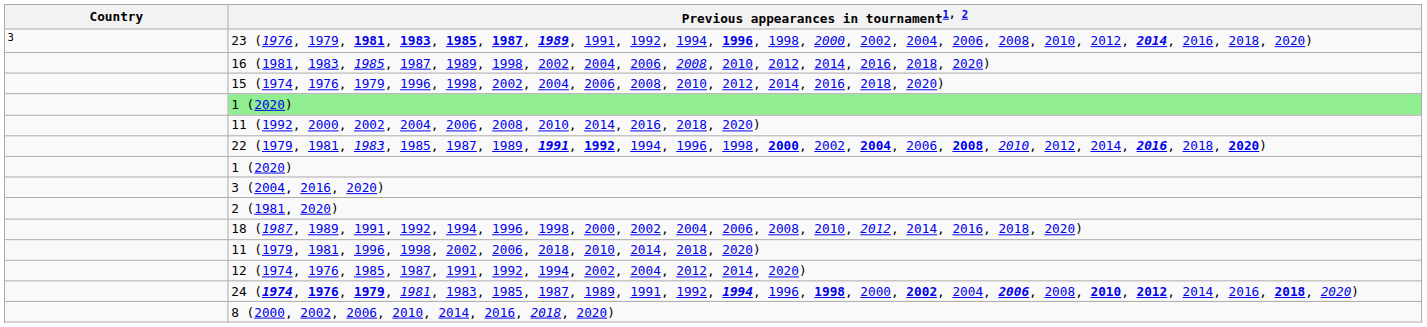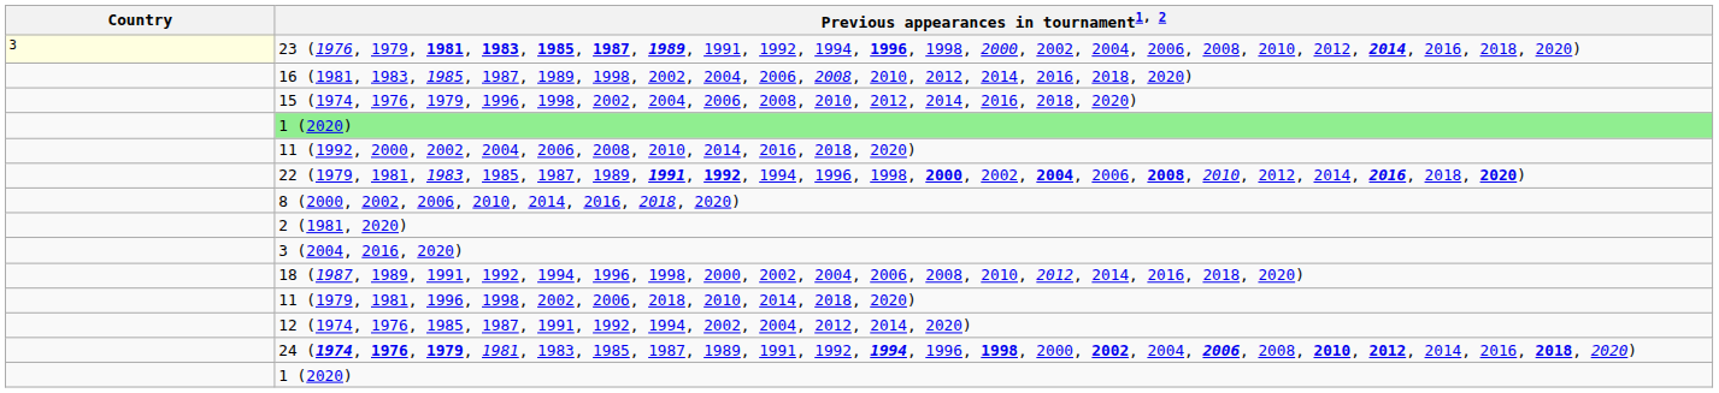 <table class="wikitable sortable">
 <tr>
 <th width=15%>Country</th>
 <th width=80%>Previous appearances in tournament<sup><strong><a href='#'>1</a>, <a href='#'>2</a></strong></sup></th>
 </tr>
 <tr>
-<td><sup>3</sup></td>
+<td style="background: lightyellow;"><sup>3</sup></td>
 <td>23 (<a href='#'><em>1976</em></a>, <a href='#'>1979</a>, <a href='#'><strong>1981</strong></a>, <a href='#'><strong>1983</strong></a>, <a href='#'><strong>1985</strong></a>, <a href='#'><strong>1987</strong></a>, <a href='#'><strong><em>1989</em></strong></a>, <a href='#'>1991</a>, <a href='#'>1992</a>, <a href='#'>1994</a>, <a href='#'><strong>1996</strong></a>, <a href='#'>1998</a>, <a href='#'><em>2000</em></a>, <a href='#'>2002</a>, <a href='#'>2004</a>, <a href='#'>2006</a>, <a href='#'>2008</a>, <a href='#'>2010</a>, <a href='#'>2012</a>, <a href='#'><strong><em>2014</em></strong></a>, <a href='#'>2016</a>, <a href='#'>2018</a>, <a href='#'>2020</a>)</td>
 </tr>
 <tr>
 <td></td>
 <td>16 (<a href='#'>1981</a>, <a href='#'>1983</a>, <em><a href='#'>1985</a></em>, <a href='#'>1987</a>, <a href='#'>1989</a>, <a href='#'>1998</a>, <a href='#'>2002</a>, <a href='#'>2004</a>, <a href='#'>2006</a>, <em><a href='#'>2008</a></em>, <a href='#'>2010</a>, <a href='#'>2012</a>, <a href='#'>2014</a>, <a href='#'>2016</a>, <a href='#'>2018</a>, <a href='#'>2020</a>)</td>
 </tr>
 <tr>
 <td></td>
 <td>15 (<a href='#'>1974</a>, <a href='#'>1976</a>, <a href='#'>1979</a>, <a href='#'>1996</a>, <a href='#'>1998</a>, <a href='#'>2002</a>, <a href='#'>2004</a>, <a href='#'>2006</a>, <a href='#'>2008</a>, <a href='#'>2010</a>, <a href='#'>2012</a>, <a href='#'>2014</a>, <a href='#'>2016</a>, <a href='#'>2018</a>, <a href='#'>2020</a>)</td>
 </tr>
 <tr>
 <td></td>
 <td style="background: lightgreen;">1 (<a href='#'>2020</a>)</td>
 </tr>
 <tr>
 <td></td>
 <td>11 (<a href='#'>1992</a>, <a href='#'>2000</a>, <a href='#'>2002</a>, <a href='#'>2004</a>, <a href='#'>2006</a>, <a href='#'>2008</a>, <a href='#'>2010</a>, <a href='#'>2014</a>, <a href='#'>2016</a>, <a href='#'>2018</a>, <a href='#'>2020</a>)</td>
 </tr>
 <tr>
 <td></td>
 <td>22 (<a href='#'>1979</a>, <a href='#'>1981</a>, <em><a href='#'>1983</a></em>, <a href='#'>1985</a>, <a href='#'>1987</a>, <a href='#'>1989</a>, <strong><em><a href='#'>1991</a></em></strong>, <strong><a href='#'>1992</a></strong>, <a href='#'>1994</a>, <a href='#'>1996</a>, <a href='#'>1998</a>, <strong><a href='#'>2000</a></strong>, <a href='#'>2002</a>, <strong><a href='#'>2004</a></strong>, <a href='#'>2006</a>, <strong><a href='#'>2008</a></strong>, <em><a href='#'>2010</a></em>, <a href='#'>2012</a>, <a href='#'>2014</a>, <strong><em><a href='#'>2016</a></em></strong>, <a href='#'>2018</a>, <strong><a href='#'>2020</a></strong>)</td>
 </tr>
 <tr>
 <td></td>
-<td>1 (<a href='#'>2020</a>)</td>
+<td>8 (<a href='#'>2000</a>, <a href='#'>2002</a>, <a href='#'>2006</a>, <a href='#'>2010</a>, <a href='#'>2014</a>, <a href='#'>2016</a>, <em><a href='#'>2018</a></em>, <a href='#'>2020</a>)</td>
+</tr>
+<tr>
+<td></td>
+<td>2 (<a href='#'>1981</a>, <a href='#'>2020</a>)</td>
 </tr>
 <tr>
 <td></td>
 <td>3 (<a href='#'>2004</a>, <a href='#'>2016</a>, <a href='#'>2020</a>)</td>
-</tr>
-<tr>
-<td></td>
-<td>2 (<a href='#'>1981</a>, <a href='#'>2020</a>)</td>
 </tr>
 <tr>
 <td></td>
 <td>18 (<em><a href='#'>1987</a></em>, <a href='#'>1989</a>, <a href='#'>1991</a>, <a href='#'>1992</a>, <a href='#'>1994</a>, <a href='#'>1996</a>, <a href='#'>1998</a>, <a href='#'>2000</a>, <a href='#'>2002</a>, <a href='#'>2004</a>, <a href='#'>2006</a>, <a href='#'>2008</a>, <a href='#'>2010</a>, <em><a href='#'>2012</a></em>, <a href='#'>2014</a>, <a href='#'>2016</a>, <a href='#'>2018</a>, <a href='#'>2020</a>)</td>
 </tr>
 <tr>
 <td></td>
 <td>11 (<a href='#'>1979</a>, <a href='#'>1981</a>, <a href='#'>1996</a>, <a href='#'>1998</a>, <a href='#'>2002</a>, <a href='#'>2006</a>, <a href='#'>2018</a>, <a href='#'>2010</a>, <a href='#'>2014</a>, <a href='#'>2018</a>, <a href='#'>2020</a>)</td>
 </tr>
 <tr>
 <td></td>
 <td>12 (<a href='#'>1974</a>, <a href='#'>1976</a>, <a href='#'>1985</a>, <a href='#'>1987</a>, <a href='#'>1991</a>, <a href='#'>1992</a>, <a href='#'>1994</a>, <a href='#'>2002</a>, <a href='#'>2004</a>, <a href='#'>2012</a>, <a href='#'>2014</a>, <a href='#'>2020</a>)</td>
 </tr>
 <tr>
 <td></td>
 <td>24 (<strong><em><a href='#'>1974</a></em></strong>, <strong><a href='#'>1976</a></strong>, <strong><a href='#'>1979</a></strong>, <em><a href='#'>1981</a></em>, <a href='#'>1983</a>, <a href='#'>1985</a>, <a href='#'>1987</a>, <a href='#'>1989</a>, <a href='#'>1991</a>, <a href='#'>1992</a>, <strong><em><a href='#'>1994</a></em></strong>, <a href='#'>1996</a>, <strong><a href='#'>1998</a></strong>, <a href='#'>2000</a>, <strong><a href='#'>2002</a></strong>, <a href='#'>2004</a>, <strong><em><a href='#'>2006</a></em></strong>, <a href='#'>2008</a>, <strong><a href='#'>2010</a></strong>, <strong><a href='#'>2012</a></strong>, <a href='#'>2014</a>, <a href='#'>2016</a>, <strong><a href='#'>2018</a></strong>, <em><a href='#'>2020</a></em>)</td>
 </tr>
 <tr>
 <td></td>
-<td>8 (<a href='#'>2000</a>, <a href='#'>2002</a>, <a href='#'>2006</a>, <a href='#'>2010</a>, <a href='#'>2014</a>, <a href='#'>2016</a>, <em><a href='#'>2018</a></em>, <a href='#'>2020</a>)</td>
+<td>1 (<a href='#'>2020</a>)</td>
 </tr>
 </table>
